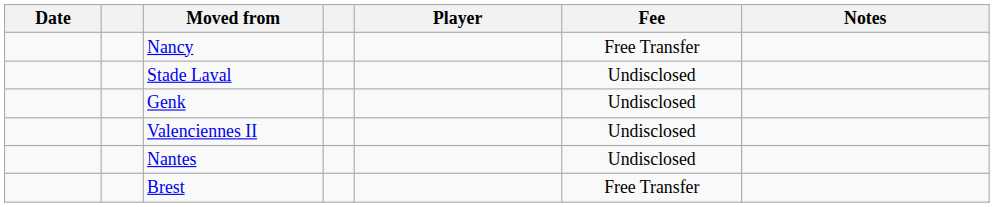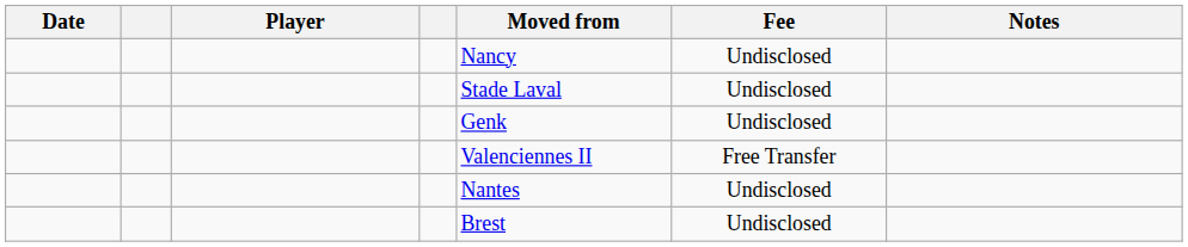 <table class="wikitable sortable">
 <tr>
 <th style="width:80px;">Date</th>
 <th style="width:30px;"></th>
+<th style="width:180px;">Player</th>
+<th style="width:20px;"></th>
 <th style="width:155px;">Moved from</th>
-<th style="width:20px;"></th>
-<th style="width:180px;">Player</th>
 <th style="width:155px;" class="unsortable">Fee</th>
 <th style="width:215px;" class="unsortable">Notes</th>
 </tr>
 <tr>
 <td></td>
 <td align=center></td>
+<td> </td>
+<td></td>
 <td> <a href='#'>Nancy</a></td>
+<td align=center>Undisclosed</td>
+<td align=center></td>
+</tr>
+<tr>
 <td></td>
+<td align=center></td>
 <td> </td>
+<td></td>
+<td> <a href='#'>Stade Laval</a></td>
+<td align=center>Undisclosed</td>
+<td align=center></td>
+</tr>
+<tr>
+<td></td>
+<td align=center></td>
+<td> </td>
+<td></td>
+<td> <a href='#'>Genk</a></td>
+<td align=center>Undisclosed</td>
+<td align=center></td>
+</tr>
+<tr>
+<td></td>
+<td align=center></td>
+<td> </td>
+<td></td>
+<td> <a href='#'>Valenciennes II</a></td>
 <td align=center>Free Transfer</td>
 <td align=center></td>
 </tr>
 <tr>
 <td></td>
 <td align=center></td>
-<td> <a href='#'>Stade Laval</a></td>
+<td> </td>
 <td></td>
-<td> </td>
+<td> <a href='#'>Nantes</a></td>
 <td align=center>Undisclosed</td>
 <td align=center></td>
 </tr>
 <tr>
 <td></td>
 <td align=center></td>
-<td> <a href='#'>Genk</a></td>
+<td> </td>
 <td></td>
-<td> </td>
+<td> <a href='#'>Brest</a></td>
 <td align=center>Undisclosed</td>
 <td align=center></td>
 </tr>
-<tr>
-<td></td>
-<td align=center></td>
-<td> <a href='#'>Valenciennes II</a></td>
-<td></td>
-<td> </td>
-<td align=center>Undisclosed</td>
-<td align=center></td>
-</tr>
-<tr>
-<td></td>
-<td align=center></td>
-<td> <a href='#'>Nantes</a></td>
-<td></td>
-<td> </td>
-<td align=center>Undisclosed</td>
-<td align=center></td>
-</tr>
-<tr>
-<td></td>
-<td align=center></td>
-<td> <a href='#'>Brest</a></td>
-<td></td>
-<td> </td>
-<td align=center>Free Transfer</td>
-<td align=center></td>
-</tr>
 </table>
